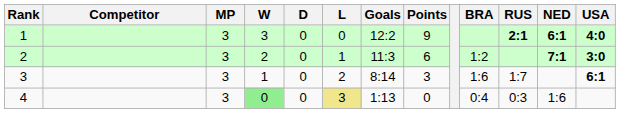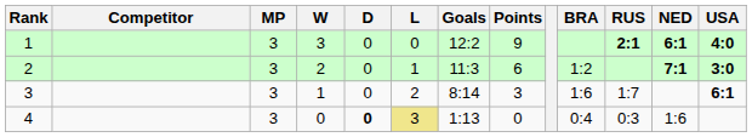 <table class="wikitable" style="text-align:center">
 <tr>
 <th>Rank</th>
 <th style="width:12em">Competitor</th>
 <th style="width:2.5em">MP</th>
 <th style="width:2.5em">W</th>
 <th style="width:2.5em">D</th>
 <th style="width:2.5em">L</th>
 <th>Goals</th>
 <th style="width:2.5em">Points</th>
 <th rowspan="5"> </th>
 <th style="width:2.5em">BRA</th>
 <th style="width:2.5em">RUS</th>
 <th style="width:2.5em">NED</th>
 <th style="width:2.5em">USA</th>
 </tr>
 <tr style="background:#cfc;">
 <td>1</td>
 <td style="text-align:left"></td>
 <td>3</td>
 <td>3</td>
 <td>0</td>
 <td>0</td>
 <td>12:2</td>
 <td>9</td>
 <td></td>
 <td><strong>2:1</strong></td>
 <td><strong>6:1</strong></td>
 <td><strong>4:0</strong></td>
 </tr>
 <tr style="background:#cfc;">
 <td>2</td>
 <td style="text-align:left"></td>
 <td>3</td>
 <td>2</td>
 <td>0</td>
 <td>1</td>
 <td>11:3</td>
 <td>6</td>
 <td>1:2</td>
 <td></td>
 <td><strong>7:1</strong></td>
 <td><strong>3:0</strong></td>
 </tr>
 <tr>
 <td>3</td>
 <td style="text-align:left"></td>
 <td>3</td>
 <td>1</td>
 <td>0</td>
 <td>2</td>
 <td>8:14</td>
 <td>3</td>
 <td>1:6</td>
 <td>1:7</td>
 <td></td>
 <td><strong>6:1</strong></td>
 </tr>
 <tr>
 <td>4</td>
 <td style="text-align:left"></td>
 <td>3</td>
-<td style="background: lightgreen;">0</td>
 <td>0</td>
+<td><strong>0</strong></td>
 <td style="background: khaki;">3</td>
 <td>1:13</td>
 <td>0</td>
 <td>0:4</td>
 <td>0:3</td>
 <td>1:6</td>
 <td></td>
 </tr>
 </table>
